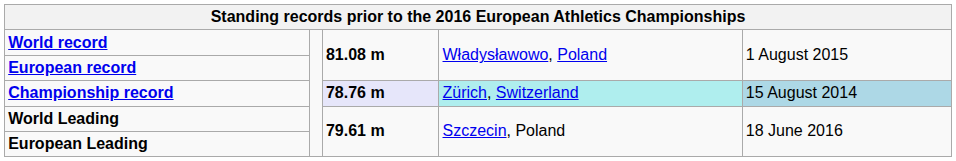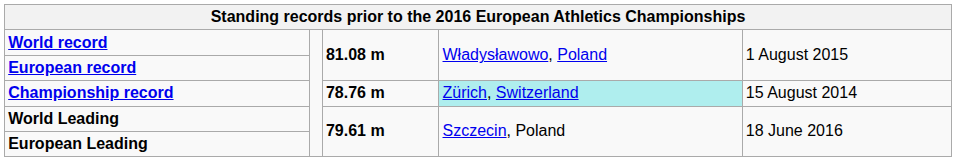 <table class="wikitable" width=75%>
 <tr>
 <th colspan="5">Standing records prior to the 2016 European Athletics Championships</th>
 </tr>
 <tr>
 <td><strong><a href='#'>World record</a></strong></td>
 <td rowspan="5"></td>
 <td rowspan="2"><strong>81.08 m</strong></td>
 <td rowspan="2"><a href='#'>Władysławowo</a>, <a href='#'>Poland</a></td>
 <td rowspan="2">1 August 2015</td>
 </tr>
 <tr>
 <td><strong><a href='#'>European record</a></strong></td>
 </tr>
 <tr>
 <td><strong><a href='#'>Championship record</a></strong></td>
-<td style="background: lavender;"><strong>78.76 m</strong></td>
+<td><strong>78.76 m</strong></td>
 <td style="background: paleturquoise;"><a href='#'>Zürich</a>, <a href='#'>Switzerland</a></td>
-<td style="background: lightblue;">15 August 2014</td>
+<td>15 August 2014</td>
 </tr>
 <tr>
 <td><strong>World Leading</strong></td>
 <td rowspan="2"><strong>79.61 m</strong></td>
 <td rowspan="2"><a href='#'>Szczecin</a>, Poland</td>
 <td rowspan="2">18 June 2016</td>
 </tr>
 <tr>
 <td><strong>European Leading</strong></td>
 </tr>
 </table>
